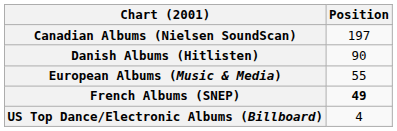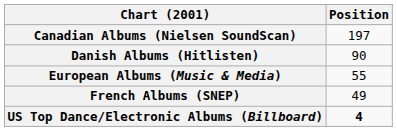 <table class="wikitable sortable plainrowheaders" style="text-align:center;">
 <tr>
 <th scope="col">Chart (2001)</th>
 <th scope="col">Position</th>
 </tr>
 <tr>
 <th scope="row">Canadian Albums (Nielsen SoundScan)</th>
 <td>197</td>
 </tr>
 <tr>
 <th scope="row">Danish Albums (Hitlisten)</th>
 <td>90</td>
 </tr>
 <tr>
 <th scope="row">European Albums (<em>Music & Media</em>)</th>
 <td>55</td>
 </tr>
 <tr>
 <th scope="row">French Albums (SNEP)</th>
-<td><strong>49</strong></td>
+<td>49</td>
 </tr>
 <tr>
 <th scope="row">US Top Dance/Electronic Albums (<em>Billboard</em>)</th>
-<td>4</td>
+<td><strong>4</strong></td>
 </tr>
 </table>
